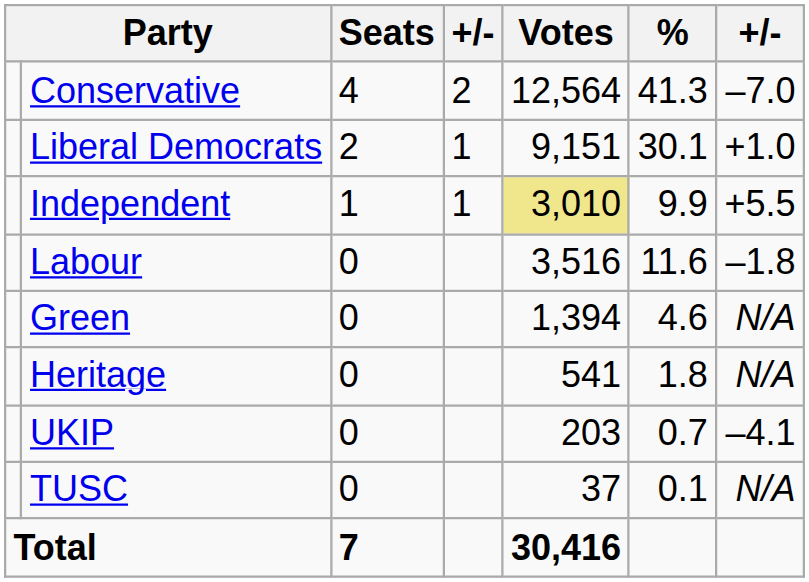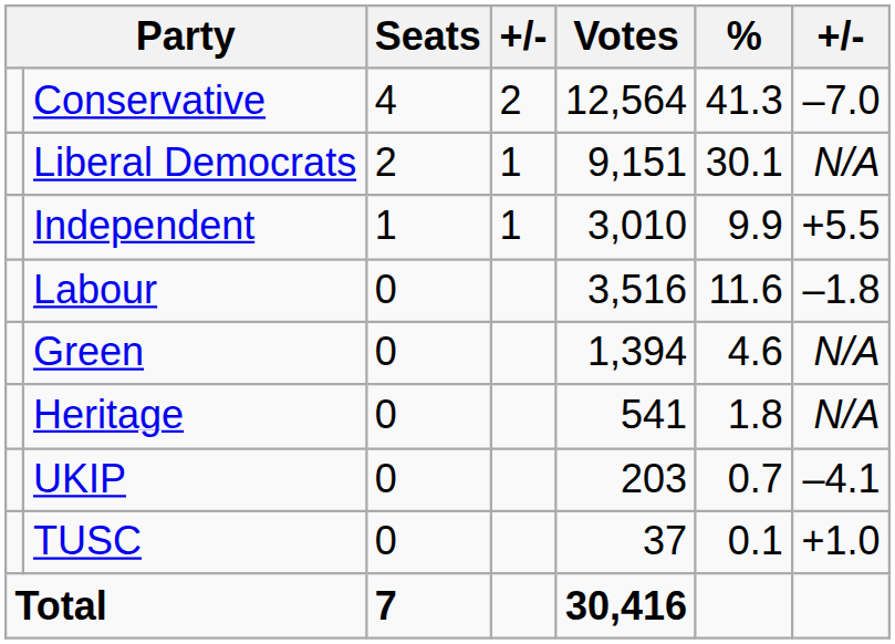 <table class="wikitable sortable">
 <tr>
 <th colspan="2">Party</th>
 <th>Seats</th>
 <th>+/-</th>
 <th>Votes</th>
 <th>%</th>
 <th>+/-</th>
 </tr>
 <tr>
 <td style="background-color: "></td>
 <td><a href='#'>Conservative</a></td>
 <td>4</td>
 <td> 2</td>
 <td style="text-align:right;">12,564</td>
 <td style="text-align:right;">41.3</td>
 <td style="text-align:right;">–7.0</td>
 </tr>
 <tr>
 <td style="background-color: "></td>
 <td><a href='#'>Liberal Democrats</a></td>
 <td>2</td>
 <td> 1</td>
 <td style="text-align:right;">9,151</td>
 <td style="text-align:right;">30.1</td>
-<td style="text-align:right;">+1.0</td>
+<td style="text-align:right;"><em>N/A</em></td>
 </tr>
 <tr>
 <td style="background-color: "></td>
 <td><a href='#'>Independent</a></td>
 <td>1</td>
 <td> 1</td>
-<td style="background: khaki; text-align:right;">3,010</td>
+<td style="text-align:right;">3,010</td>
 <td style="text-align:right;">9.9</td>
 <td style="text-align:right;">+5.5</td>
 </tr>
 <tr>
 <td style="background-color: "></td>
 <td><a href='#'>Labour</a></td>
 <td>0</td>
 <td></td>
 <td style="text-align:right;">3,516</td>
 <td style="text-align:right;">11.6</td>
 <td style="text-align:right;">–1.8</td>
 </tr>
 <tr>
 <td style="background-color: "></td>
 <td><a href='#'>Green</a></td>
 <td>0</td>
 <td></td>
 <td style="text-align:right;">1,394</td>
 <td style="text-align:right;">4.6</td>
 <td style="text-align:right;"><em>N/A</em></td>
 </tr>
 <tr>
 <td style="background-color: "></td>
 <td><a href='#'>Heritage</a></td>
 <td>0</td>
 <td></td>
 <td style="text-align:right;">541</td>
 <td style="text-align:right;">1.8</td>
 <td style="text-align:right;"><em>N/A</em></td>
 </tr>
 <tr>
 <td style="background-color: "></td>
 <td><a href='#'>UKIP</a></td>
 <td>0</td>
 <td></td>
 <td style="text-align:right;">203</td>
 <td style="text-align:right;">0.7</td>
 <td style="text-align:right;">–4.1</td>
 </tr>
 <tr>
 <td style="background-color: "></td>
 <td><a href='#'>TUSC</a></td>
 <td>0</td>
 <td></td>
 <td style="text-align:right;">37</td>
 <td style="text-align:right;">0.1</td>
-<td style="text-align:right;"><em>N/A</em></td>
+<td style="text-align:right;">+1.0</td>
 </tr>
 <tr>
 <td colspan="2"><strong>Total</strong></td>
 <td><strong>7</strong></td>
 <td></td>
 <td style="text-align:right;"><strong>30,416</strong></td>
 <td style="text-align:right;"></td>
 <td style="text-align:right;"></td>
 </tr>
 </table>
